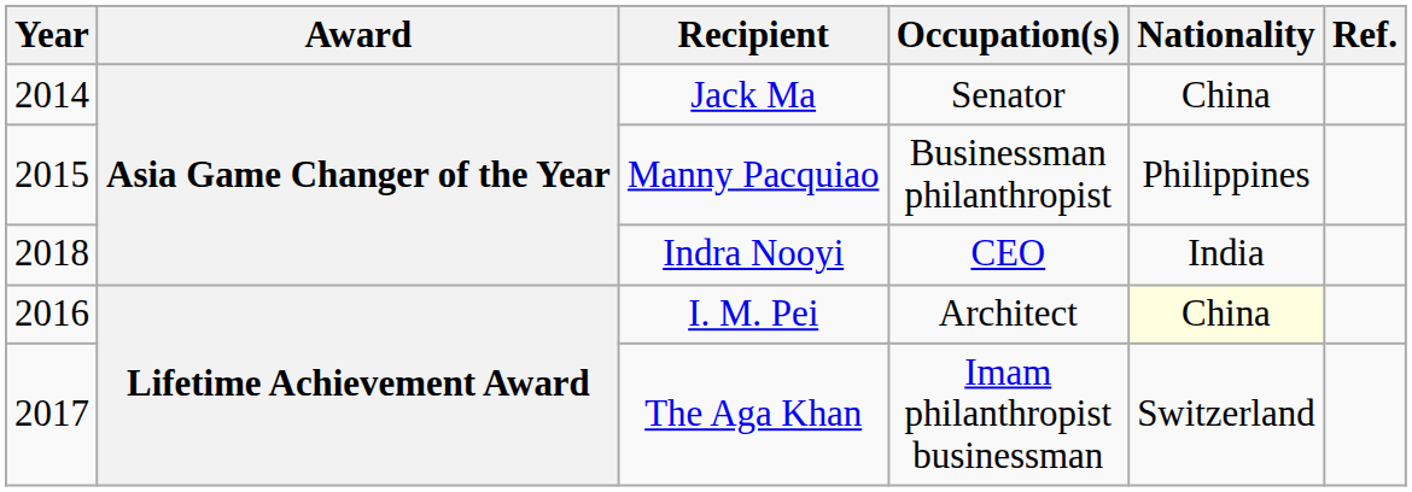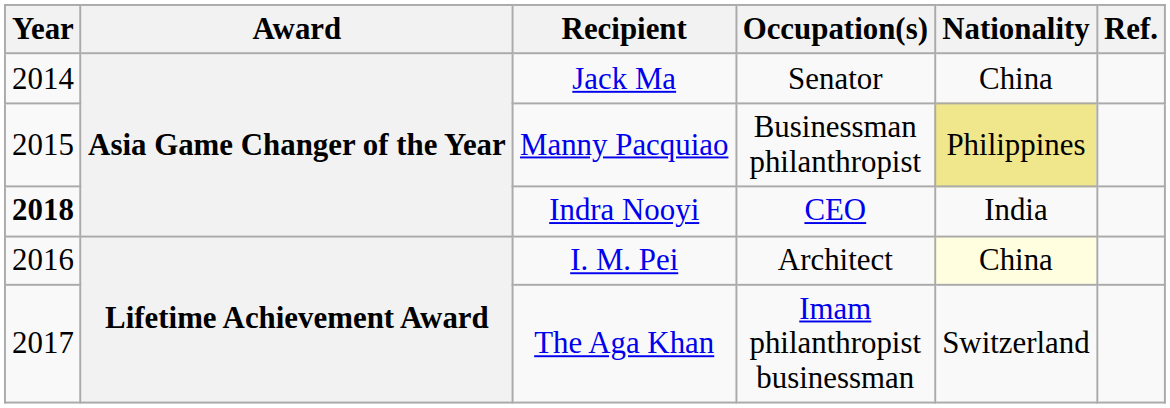 <table class="wikitable" plainrowheaders" unsortable style="text-align:center">
 <tr>
 <th scope=row>Year</th>
 <th scope=row>Award</th>
 <th scope=row>Recipient</th>
 <th scope=row>Occupation(s)</th>
 <th scope=row>Nationality</th>
 <th scope=row>Ref.</th>
 </tr>
 <tr>
 <td>2014</td>
 <th scope="row" rowspan="3">Asia Game Changer of the Year</th>
 <td><a href='#'>Jack Ma</a></td>
 <td>Senator</td>
 <td>China</td>
 <td style="text-align:center;"></td>
 </tr>
 <tr>
 <td>2015</td>
 <td><a href='#'>Manny Pacquiao</a></td>
 <td>Businessman<br>philanthropist</td>
-<td>Philippines</td>
+<td style="background: khaki;">Philippines</td>
 <td style="text-align:center;"></td>
 </tr>
 <tr>
-<td>2018</td>
+<td><strong>2018</strong></td>
 <td><a href='#'>Indra Nooyi</a></td>
 <td><a href='#'>CEO</a></td>
 <td>India</td>
 <td style="text-align:center;"></td>
 </tr>
 <tr>
 <td>2016</td>
 <th scope="row" rowspan="2">Lifetime Achievement Award</th>
 <td><a href='#'>I. M. Pei</a></td>
 <td>Architect</td>
 <td style="background: lightyellow;">China</td>
 <td style="text-align:center;"></td>
 </tr>
 <tr>
 <td>2017</td>
 <td><a href='#'>The Aga Khan</a></td>
 <td><a href='#'>Imam</a><br>philanthropist<br>businessman</td>
 <td>Switzerland</td>
 <td style="text-align:center;"></td>
 </tr>
 </table>
